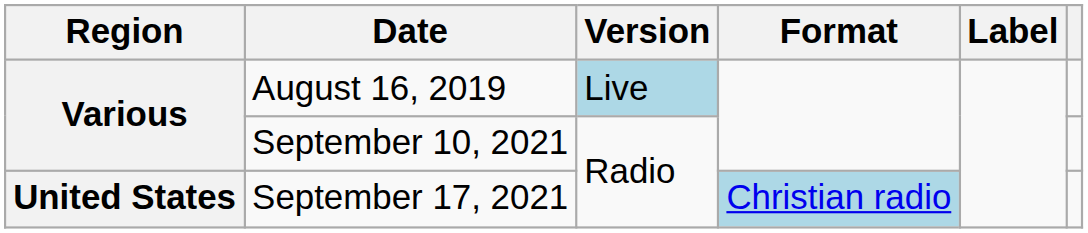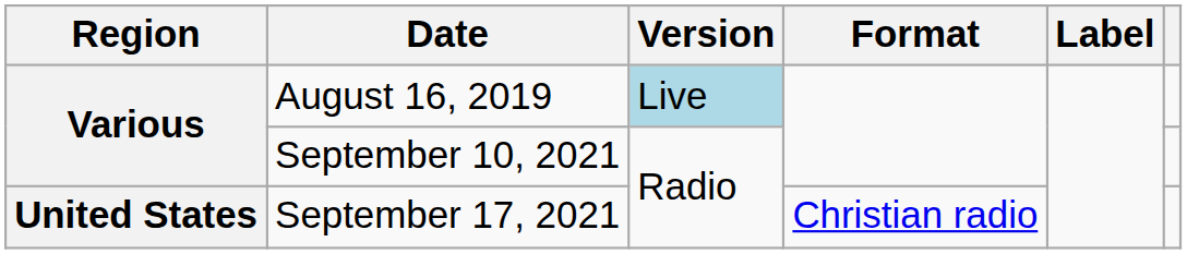 <table class="wikitable plainrowheaders">
 <tr>
 <th scope="col">Region</th>
 <th scope="col">Date</th>
 <th scope="col">Version</th>
 <th scope="col">Format</th>
 <th scope="col">Label</th>
 <th scope="col"></th>
 </tr>
 <tr>
 <th scope="row" rowspan="2">Various</th>
 <td>August 16, 2019</td>
 <td style="background: lightblue;">Live</td>
 <td rowspan="2"></td>
 <td rowspan="3"></td>
 <td align="center"></td>
 </tr>
 <tr>
 <td>September 10, 2021</td>
 <td rowspan="2">Radio</td>
 <td align="center"></td>
 </tr>
 <tr>
 <th scope="row">United States</th>
 <td>September 17, 2021</td>
-<td style="background: lightblue;"><a href='#'>Christian radio</a></td>
+<td><a href='#'>Christian radio</a></td>
 <td align="center"></td>
 </tr>
 </table>
